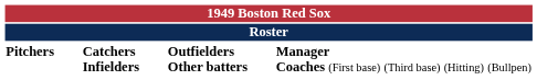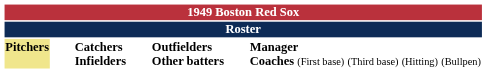 <table class="toccolours" style="text-align: left;">
 <tr>
 <th colspan="10" style="background-color: #ba313c; color: white; text-align: center;">1949 Boston Red Sox</th>
 </tr>
 <tr>
 <td colspan="10" style="background-color: #0d2b56; color: white; text-align: center;"><strong>Roster</strong></td>
 </tr>
 <tr>
-<td valign="top"><strong>Pitchers</strong><br>                </td>
+<td valign="top" style="background: khaki;"><strong>Pitchers</strong><br>                </td>
 <td width="25px"></td>
 <td valign="top"><strong>Catchers</strong><br>   <strong>Infielders</strong>        </td>
 <td width="25px"></td>
 <td valign="top"><strong>Outfielders</strong><br>      <strong>Other batters</strong> </td>
 <td width="25px"></td>
 <td valign="top"><strong>Manager</strong><br> <strong>Coaches</strong>  <small>(First base)</small>  <small>(Third base)</small>  <small>(Hitting)</small>  <small>(Bullpen)</small></td>
 </tr>
 </table>
